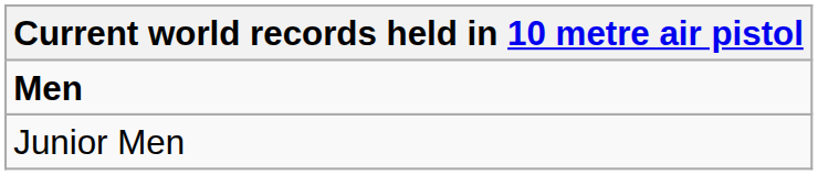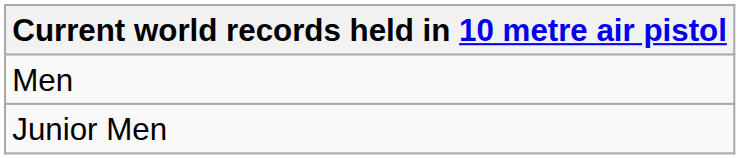 <table class="wikitable" style="font-size: 95%">
 <tr>
 <th colspan=9>Current world records held in <a href='#'>10 metre air pistol</a></th>
 </tr>
 <tr>
-<td><strong>Men<br></strong></td>
+<td>Men<br></td>
 </tr>
 <tr>
 <td>Junior Men<br></td>
 </tr>
 </table>
